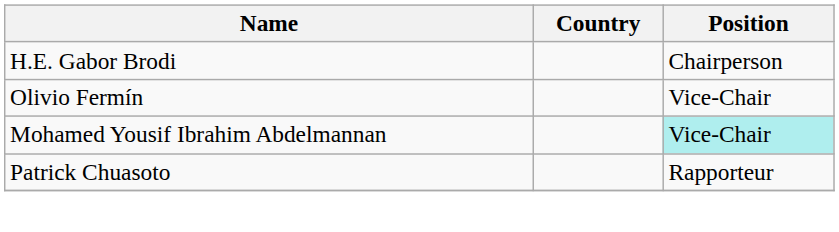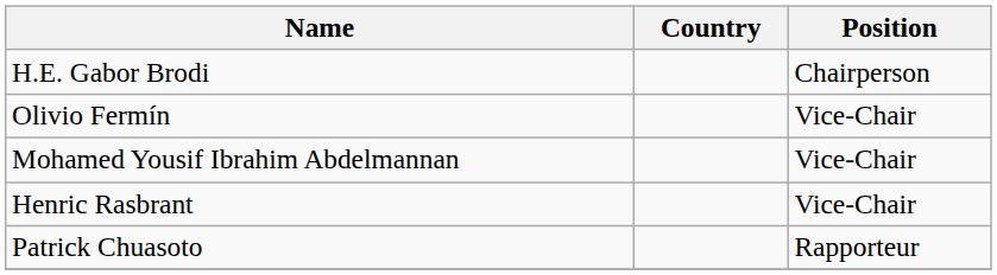 <table class="wikitable" style="display: inline-table; width: 45%">
 <tr>
 <th>Name</th>
 <th>Country</th>
 <th>Position</th>
 </tr>
 <tr>
 <td>H.E. Gabor Brodi</td>
 <td></td>
 <td>Chairperson</td>
 </tr>
 <tr>
 <td>Olivio Fermín</td>
 <td></td>
 <td>Vice-Chair</td>
 </tr>
 <tr>
 <td>Mohamed Yousif Ibrahim Abdelmannan</td>
 <td></td>
-<td style="background: paleturquoise;">Vice-Chair</td>
+<td>Vice-Chair</td>
+</tr>
+<tr>
+<td>Henric Rasbrant</td>
+<td></td>
+<td>Vice-Chair</td>
 </tr>
 <tr>
 <td>Patrick Chuasoto</td>
 <td></td>
 <td>Rapporteur</td>
 </tr>
 <tr>
 </tr>
 </table>
